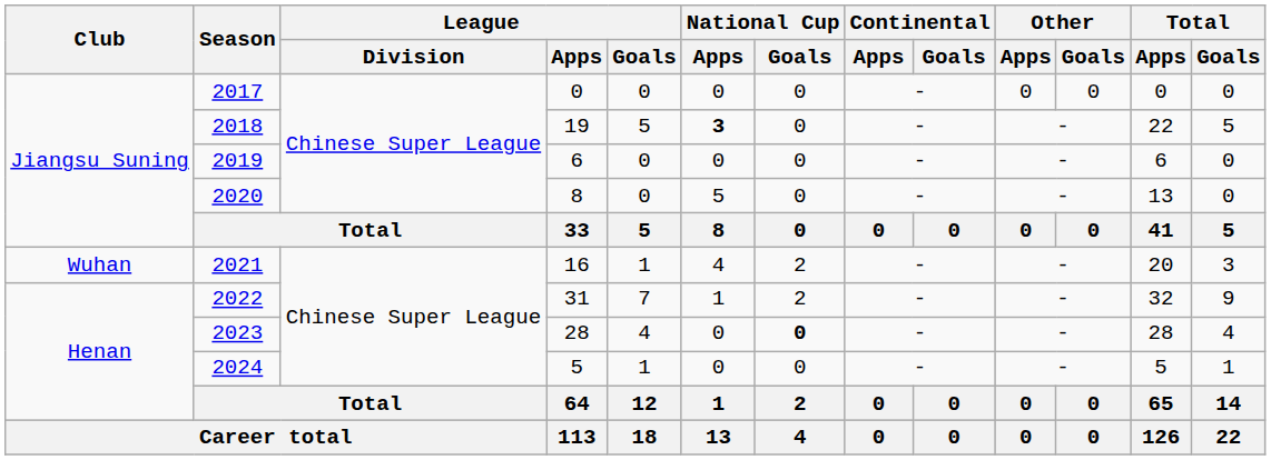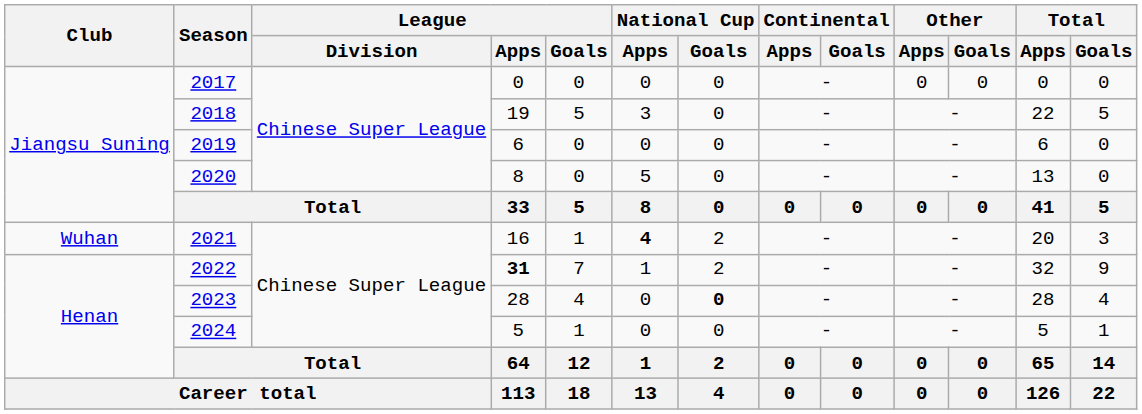 <table class="wikitable" style="text-align: center">
 <tr>
 <th rowspan="2">Club</th>
 <th rowspan="2">Season</th>
 <th colspan="3">League</th>
 <th colspan="2">National Cup</th>
 <th colspan="2">Continental</th>
 <th colspan="2">Other</th>
 <th colspan="2">Total</th>
 </tr>
 <tr>
 <th>Division</th>
 <th>Apps</th>
 <th>Goals</th>
 <th>Apps</th>
 <th>Goals</th>
 <th>Apps</th>
 <th>Goals</th>
 <th>Apps</th>
 <th>Goals</th>
 <th>Apps</th>
 <th>Goals</th>
 </tr>
 <tr>
 <td rowspan=5><a href='#'>Jiangsu Suning</a></td>
 <td><a href='#'>2017</a></td>
 <td rowspan=4><a href='#'>Chinese Super League</a></td>
 <td>0</td>
 <td>0</td>
 <td>0</td>
 <td>0</td>
 <td colspan="2">-</td>
 <td>0</td>
 <td>0</td>
 <td>0</td>
 <td>0</td>
 </tr>
 <tr>
 <td><a href='#'>2018</a></td>
 <td>19</td>
 <td>5</td>
-<td><strong>3</strong></td>
+<td>3</td>
 <td>0</td>
 <td colspan="2">-</td>
 <td colspan="2">-</td>
 <td>22</td>
 <td>5</td>
 </tr>
 <tr>
 <td><a href='#'>2019</a></td>
 <td>6</td>
 <td>0</td>
 <td>0</td>
 <td>0</td>
 <td colspan="2">-</td>
 <td colspan="2">-</td>
 <td>6</td>
 <td>0</td>
 </tr>
 <tr>
 <td><a href='#'>2020</a></td>
 <td>8</td>
 <td>0</td>
 <td>5</td>
 <td>0</td>
 <td colspan="2">-</td>
 <td colspan="2">-</td>
 <td>13</td>
 <td>0</td>
 </tr>
 <tr>
 <th colspan="2"><strong>Total</strong></th>
 <th>33</th>
 <th>5</th>
 <th>8</th>
 <th>0</th>
 <th>0</th>
 <th>0</th>
 <th>0</th>
 <th>0</th>
 <th>41</th>
 <th>5</th>
 </tr>
 <tr>
 <td><a href='#'>Wuhan</a></td>
 <td><a href='#'>2021</a></td>
 <td rowspan=4>Chinese Super League</td>
 <td>16</td>
 <td>1</td>
-<td>4</td>
+<td><strong>4</strong></td>
 <td>2</td>
 <td colspan="2">-</td>
 <td colspan="2">-</td>
 <td>20</td>
 <td>3</td>
 </tr>
 <tr>
 <td rowspan=4><a href='#'>Henan</a></td>
 <td><a href='#'>2022</a></td>
-<td>31</td>
+<td><strong>31</strong></td>
 <td>7</td>
 <td>1</td>
 <td>2</td>
 <td colspan="2">-</td>
 <td colspan="2">-</td>
 <td>32</td>
 <td>9</td>
 </tr>
 <tr>
 <td><a href='#'>2023</a></td>
 <td>28</td>
 <td>4</td>
 <td>0</td>
 <td><strong>0</strong></td>
 <td colspan="2">-</td>
 <td colspan="2">-</td>
 <td>28</td>
 <td>4</td>
 </tr>
 <tr>
 <td><a href='#'>2024</a></td>
 <td>5</td>
 <td>1</td>
 <td>0</td>
 <td>0</td>
 <td colspan="2">-</td>
 <td colspan="2">-</td>
 <td>5</td>
 <td>1</td>
 </tr>
 <tr>
 <th colspan="2"><strong>Total</strong></th>
 <th>64</th>
 <th>12</th>
 <th>1</th>
 <th>2</th>
 <th>0</th>
 <th>0</th>
 <th>0</th>
 <th>0</th>
 <th>65</th>
 <th>14</th>
 </tr>
 <tr>
 <th colspan=3>Career total</th>
 <th>113</th>
 <th>18</th>
 <th>13</th>
 <th>4</th>
 <th>0</th>
 <th>0</th>
 <th>0</th>
 <th>0</th>
 <th>126</th>
 <th>22</th>
 </tr>
 </table>
